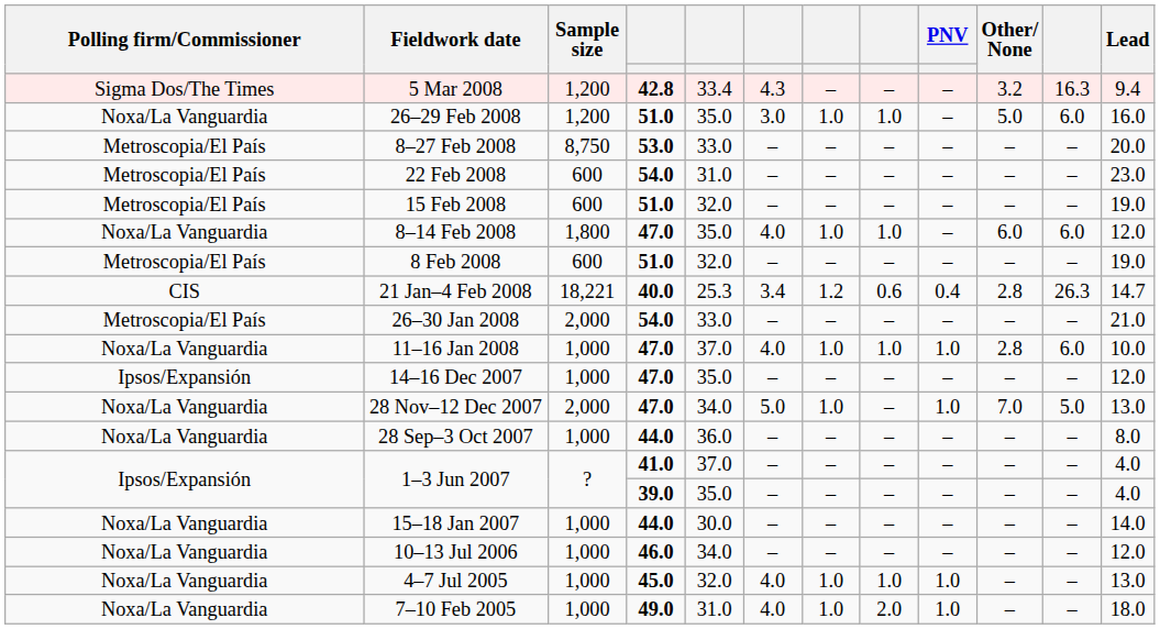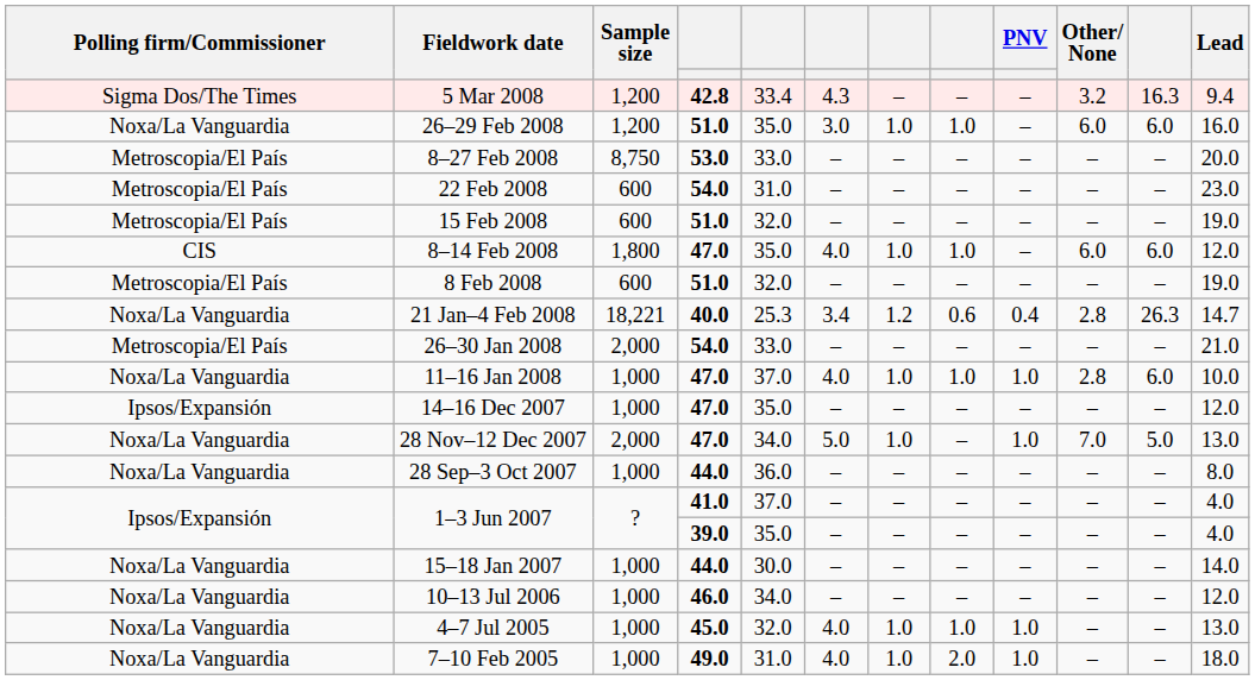 <table class="wikitable collapsible collapsed" style="text-align:center; font-size:90%; line-height:14px;">
 <tr style="height:42px;">
 <th style="width:250px;" rowspan="2">Polling firm/Commissioner</th>
 <th style="width:125px;" rowspan="2">Fieldwork date</th>
 <th style="width:50px;" rowspan="2">Sample size</th>
 <th style="width:35px;"></th>
 <th style="width:35px;"></th>
 <th style="width:35px;"></th>
 <th style="width:35px;"></th>
 <th style="width:35px;"></th>
 <th style="width:35px;"><a href='#'>PNV</a></th>
 <th style="width:35px;" rowspan="2">Other/<br>None</th>
 <th style="width:35px;" rowspan="2"></th>
 <th style="width:30px;" rowspan="2">Lead</th>
 </tr>
 <tr>
 <th style="color:inherit;background:"></th>
 <th style="color:inherit;background:"></th>
 <th style="color:inherit;background:"></th>
 <th style="color:inherit;background:"></th>
 <th style="color:inherit;background:"></th>
 <th style="color:inherit;background:"></th>
 </tr>
 <tr style="background:#FFEAEA;">
 <td>Sigma Dos/The Times</td>
 <td>5 Mar 2008</td>
 <td>1,200</td>
 <td><strong>42.8</strong></td>
 <td>33.4</td>
 <td>4.3</td>
 <td>–</td>
 <td>–</td>
 <td>–</td>
 <td>3.2</td>
 <td>16.3</td>
 <td style="background:">9.4</td>
 </tr>
 <tr>
 <td>Noxa/La Vanguardia</td>
 <td>26–29 Feb 2008</td>
 <td>1,200</td>
 <td><strong>51.0</strong></td>
 <td>35.0</td>
 <td>3.0</td>
 <td>1.0</td>
 <td>1.0</td>
 <td>–</td>
-<td>5.0</td>
+<td>6.0</td>
 <td>6.0</td>
 <td style="background:">16.0</td>
 </tr>
 <tr>
 <td>Metroscopia/El País</td>
 <td>8–27 Feb 2008</td>
 <td>8,750</td>
 <td><strong>53.0</strong></td>
 <td>33.0</td>
 <td>–</td>
 <td>–</td>
 <td>–</td>
 <td>–</td>
 <td>–</td>
 <td>–</td>
 <td style="background:">20.0</td>
 </tr>
 <tr>
 <td>Metroscopia/El País</td>
 <td>22 Feb 2008</td>
 <td>600</td>
 <td><strong>54.0</strong></td>
 <td>31.0</td>
 <td>–</td>
 <td>–</td>
 <td>–</td>
 <td>–</td>
 <td>–</td>
 <td>–</td>
 <td style="background:">23.0</td>
 </tr>
 <tr>
 <td>Metroscopia/El País</td>
 <td>15 Feb 2008</td>
 <td>600</td>
 <td><strong>51.0</strong></td>
 <td>32.0</td>
 <td>–</td>
 <td>–</td>
 <td>–</td>
 <td>–</td>
 <td>–</td>
 <td>–</td>
 <td style="background:">19.0</td>
 </tr>
 <tr>
-<td>Noxa/La Vanguardia</td>
+<td>CIS</td>
 <td>8–14 Feb 2008</td>
 <td>1,800</td>
 <td><strong>47.0</strong></td>
 <td>35.0</td>
 <td>4.0</td>
 <td>1.0</td>
 <td>1.0</td>
 <td>–</td>
 <td>6.0</td>
 <td>6.0</td>
 <td style="background:">12.0</td>
 </tr>
 <tr>
 <td>Metroscopia/El País</td>
 <td>8 Feb 2008</td>
 <td>600</td>
 <td><strong>51.0</strong></td>
 <td>32.0</td>
 <td>–</td>
 <td>–</td>
 <td>–</td>
 <td>–</td>
 <td>–</td>
 <td>–</td>
 <td style="background:">19.0</td>
 </tr>
 <tr>
-<td>CIS</td>
+<td>Noxa/La Vanguardia</td>
 <td>21 Jan–4 Feb 2008</td>
 <td>18,221</td>
 <td><strong>40.0</strong></td>
 <td>25.3</td>
 <td>3.4</td>
 <td>1.2</td>
 <td>0.6</td>
 <td>0.4</td>
 <td>2.8</td>
 <td>26.3</td>
 <td style="background:">14.7</td>
 </tr>
 <tr>
 <td>Metroscopia/El País</td>
 <td>26–30 Jan 2008</td>
 <td>2,000</td>
 <td><strong>54.0</strong></td>
 <td>33.0</td>
 <td>–</td>
 <td>–</td>
 <td>–</td>
 <td>–</td>
 <td>–</td>
 <td>–</td>
 <td style="background:">21.0</td>
 </tr>
 <tr>
 <td>Noxa/La Vanguardia</td>
 <td>11–16 Jan 2008</td>
 <td>1,000</td>
 <td><strong>47.0</strong></td>
 <td>37.0</td>
 <td>4.0</td>
 <td>1.0</td>
 <td>1.0</td>
 <td>1.0</td>
 <td>2.8</td>
 <td>6.0</td>
 <td style="background:">10.0</td>
 </tr>
 <tr>
 <td>Ipsos/Expansión</td>
 <td>14–16 Dec 2007</td>
 <td>1,000</td>
 <td><strong>47.0</strong></td>
 <td>35.0</td>
 <td>–</td>
 <td>–</td>
 <td>–</td>
 <td>–</td>
 <td>–</td>
 <td>–</td>
 <td style="background:">12.0</td>
 </tr>
 <tr>
 <td>Noxa/La Vanguardia</td>
 <td>28 Nov–12 Dec 2007</td>
 <td>2,000</td>
 <td><strong>47.0</strong></td>
 <td>34.0</td>
 <td>5.0</td>
 <td>1.0</td>
 <td>–</td>
 <td>1.0</td>
 <td>7.0</td>
 <td>5.0</td>
 <td style="background:">13.0</td>
 </tr>
 <tr>
 <td>Noxa/La Vanguardia</td>
 <td>28 Sep–3 Oct 2007</td>
 <td>1,000</td>
 <td><strong>44.0</strong></td>
 <td>36.0</td>
 <td>–</td>
 <td>–</td>
 <td>–</td>
 <td>–</td>
 <td>–</td>
 <td>–</td>
 <td style="background:">8.0</td>
 </tr>
 <tr>
 <td rowspan="2">Ipsos/Expansión</td>
 <td rowspan="2">1–3 Jun 2007</td>
 <td rowspan="2">?</td>
 <td><strong>41.0</strong></td>
 <td>37.0</td>
 <td>–</td>
 <td>–</td>
 <td>–</td>
 <td>–</td>
 <td>–</td>
 <td>–</td>
 <td style="background:">4.0</td>
 </tr>
 <tr>
 <td><strong>39.0</strong></td>
 <td>35.0</td>
 <td>–</td>
 <td>–</td>
 <td>–</td>
 <td>–</td>
 <td>–</td>
 <td>–</td>
 <td style="background:">4.0</td>
 </tr>
 <tr>
 <td>Noxa/La Vanguardia</td>
 <td>15–18 Jan 2007</td>
 <td>1,000</td>
 <td><strong>44.0</strong></td>
 <td>30.0</td>
 <td>–</td>
 <td>–</td>
 <td>–</td>
 <td>–</td>
 <td>–</td>
 <td>–</td>
 <td style="background:">14.0</td>
 </tr>
 <tr>
 <td>Noxa/La Vanguardia</td>
 <td>10–13 Jul 2006</td>
 <td>1,000</td>
 <td><strong>46.0</strong></td>
 <td>34.0</td>
 <td>–</td>
 <td>–</td>
 <td>–</td>
 <td>–</td>
 <td>–</td>
 <td>–</td>
 <td style="background:">12.0</td>
 </tr>
 <tr>
 <td>Noxa/La Vanguardia</td>
 <td>4–7 Jul 2005</td>
 <td>1,000</td>
 <td><strong>45.0</strong></td>
 <td>32.0</td>
 <td>4.0</td>
 <td>1.0</td>
 <td>1.0</td>
 <td>1.0</td>
 <td>–</td>
 <td>–</td>
 <td style="background:">13.0</td>
 </tr>
 <tr>
 <td>Noxa/La Vanguardia</td>
 <td>7–10 Feb 2005</td>
 <td>1,000</td>
 <td><strong>49.0</strong></td>
 <td>31.0</td>
 <td>4.0</td>
 <td>1.0</td>
 <td>2.0</td>
 <td>1.0</td>
 <td>–</td>
 <td>–</td>
 <td style="background:">18.0</td>
 </tr>
 </table>
